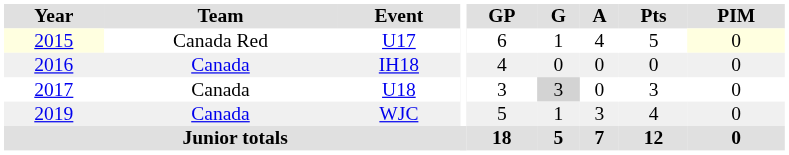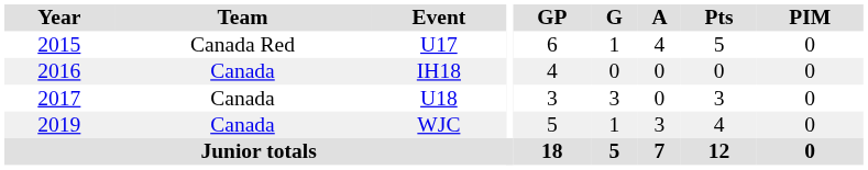 <table border="0" cellpadding="1" cellspacing="0" ID="Table3" style="text-align:center; width:40em">
 <tr bgcolor="#e0e0e0">
 <th>Year</th>
 <th>Team</th>
 <th>Event</th>
 <th rowspan="102" bgcolor="#ffffff"></th>
 <th>GP</th>
 <th>G</th>
 <th>A</th>
 <th>Pts</th>
 <th>PIM</th>
 </tr>
 <tr>
-<td style="background: lightyellow;"><a href='#'>2015</a></td>
+<td><a href='#'>2015</a></td>
 <td>Canada Red</td>
 <td><a href='#'>U17</a></td>
 <td>6</td>
 <td>1</td>
 <td>4</td>
 <td>5</td>
-<td style="background: lightyellow;">0</td>
+<td>0</td>
 </tr>
 <tr bgcolor="#f0f0f0">
 <td><a href='#'>2016</a></td>
 <td><a href='#'>Canada</a></td>
 <td><a href='#'>IH18</a></td>
 <td>4</td>
 <td>0</td>
 <td>0</td>
 <td>0</td>
 <td>0</td>
 </tr>
 <tr>
 <td><a href='#'>2017</a></td>
 <td>Canada</td>
 <td><a href='#'>U18</a></td>
 <td>3</td>
-<td style="background: lightgrey;">3</td>
+<td>3</td>
 <td>0</td>
 <td>3</td>
 <td>0</td>
 </tr>
 <tr bgcolor="#f0f0f0">
 <td><a href='#'>2019</a></td>
 <td><a href='#'>Canada</a></td>
 <td><a href='#'>WJC</a></td>
 <td>5</td>
 <td>1</td>
 <td>3</td>
 <td>4</td>
 <td>0</td>
 </tr>
 <tr bgcolor="#e0e0e0">
 <th colspan="4">Junior totals</th>
 <th>18</th>
 <th>5</th>
 <th>7</th>
 <th>12</th>
 <th>0</th>
 </tr>
 </table>
